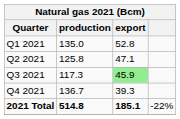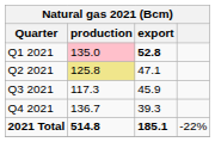 <table class="wikitable">
 <tr>
 <th colspan=4>Natural gas 2021 (Bcm)</th>
 </tr>
 <tr>
 <th scope="col">Quarter</th>
 <th scope="col">production</th>
 <th scope="col">export</th>
 <th></th>
 </tr>
 <tr>
 <td>Q1 2021</td>
-<td>135.0</td>
-<td>52.8</td>
+<td style="background: pink;">135.0</td>
+<td><strong>52.8</strong></td>
 <td></td>
 </tr>
 <tr>
 <td>Q2 2021</td>
-<td>125.8</td>
+<td style="background: khaki;">125.8</td>
 <td>47.1</td>
 <td></td>
 </tr>
 <tr>
 <td>Q3 2021</td>
 <td>117.3</td>
-<td style="background: lightgreen;">45.9</td>
+<td>45.9</td>
 <td></td>
 </tr>
 <tr>
 <td>Q4 2021</td>
 <td>136.7</td>
 <td>39.3</td>
 <td></td>
 </tr>
 <tr>
 <td><strong>2021 Total</strong></td>
 <td><strong>514.8</strong></td>
 <td><strong>185.1</strong> </td>
 <td>-22%</td>
 </tr>
 <tr>
 </tr>
 </table>
